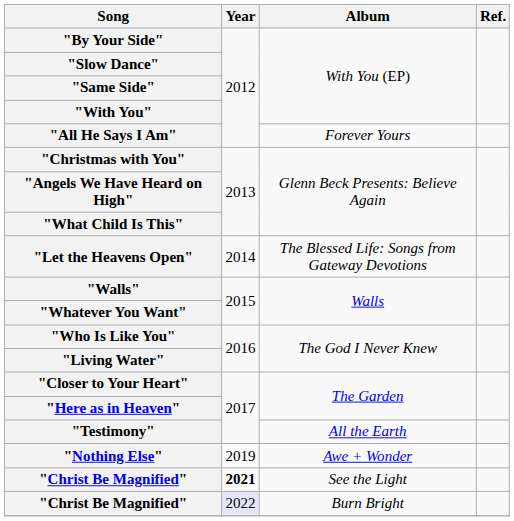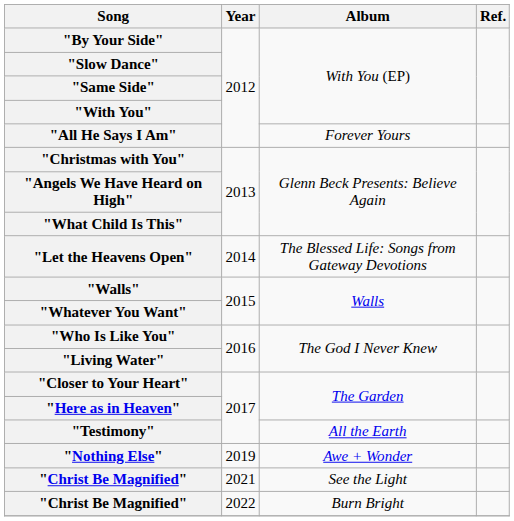 <table class="wikitable plainrowheaders" style="text-align:center;">
 <tr>
 <th rowspan="1" style="width:14em;">Song</th>
 <th rowspan="1">Year</th>
 <th rowspan="1" style="width:14em;">Album</th>
 <th rowspan="1">Ref.</th>
 </tr>
 <tr>
 <th scope="row">"By Your Side"<br></th>
 <td rowspan="5">2012</td>
 <td rowspan="4"><em>With You</em> (EP)</td>
 <td rowspan="4"></td>
 </tr>
 <tr>
 <th scope="row">"Slow Dance"<br></th>
 </tr>
 <tr>
 <th scope="row">"Same Side"<br></th>
 </tr>
 <tr>
 <th scope="row">"With You"<br></th>
 </tr>
 <tr>
 <th scope="row">"All He Says I Am"<br></th>
 <td><em>Forever Yours</em></td>
 <td></td>
 </tr>
 <tr>
 <th scope="row">"Christmas with You"<br></th>
 <td rowspan="3">2013</td>
 <td rowspan="3"><em>Glenn Beck Presents: Believe Again</em></td>
 <td rowspan="3"></td>
 </tr>
 <tr>
 <th scope="row">"Angels We Have Heard on High"<br></th>
 </tr>
 <tr>
 <th scope="row">"What Child Is This"<br></th>
 </tr>
 <tr>
 <th scope="row">"Let the Heavens Open"<br></th>
 <td>2014</td>
 <td><em>The Blessed Life: Songs from Gateway Devotions</em><br></td>
 <td></td>
 </tr>
 <tr>
 <th scope="row">"Walls"<br></th>
 <td rowspan="2">2015</td>
 <td rowspan="2"><em><a href='#'>Walls</a></em></td>
 <td rowspan="2"></td>
 </tr>
 <tr>
 <th scope="row">"Whatever You Want"<br></th>
 </tr>
 <tr>
 <th scope="row">"Who Is Like You"<br></th>
 <td rowspan="2">2016</td>
 <td rowspan="2"><em>The God I Never Knew</em><br></td>
 <td rowspan="2"></td>
 </tr>
 <tr>
 <th scope="row">"Living Water"<br></th>
 </tr>
 <tr>
 <th scope="row">"Closer to Your Heart"<br></th>
 <td rowspan="3">2017</td>
 <td rowspan="2"><em><a href='#'>The Garden</a></em></td>
 <td rowspan="2"></td>
 </tr>
 <tr>
 <th scope="row">"<a href='#'>Here as in Heaven</a>"<br></th>
 </tr>
 <tr>
 <th scope="row">"Testimony"<br></th>
 <td><em><a href='#'>All the Earth</a></em></td>
 <td></td>
 </tr>
 <tr>
 <th scope="row">"<a href='#'>Nothing Else</a>"<br></th>
 <td>2019</td>
 <td><em><a href='#'>Awe + Wonder</a></em></td>
 <td></td>
 </tr>
 <tr>
 <th scope="row">"<a href='#'>Christ Be Magnified</a>"<br></th>
-<td><strong>2021</strong></td>
+<td>2021</td>
 <td><em>See the Light</em></td>
 <td></td>
 </tr>
 <tr>
 <th scope="row">"Christ Be Magnified"<br></th>
-<td style="background: lavender;">2022</td>
+<td>2022</td>
 <td><em>Burn Bright</em></td>
 <td></td>
 </tr>
 <tr>
 </tr>
 </table>
